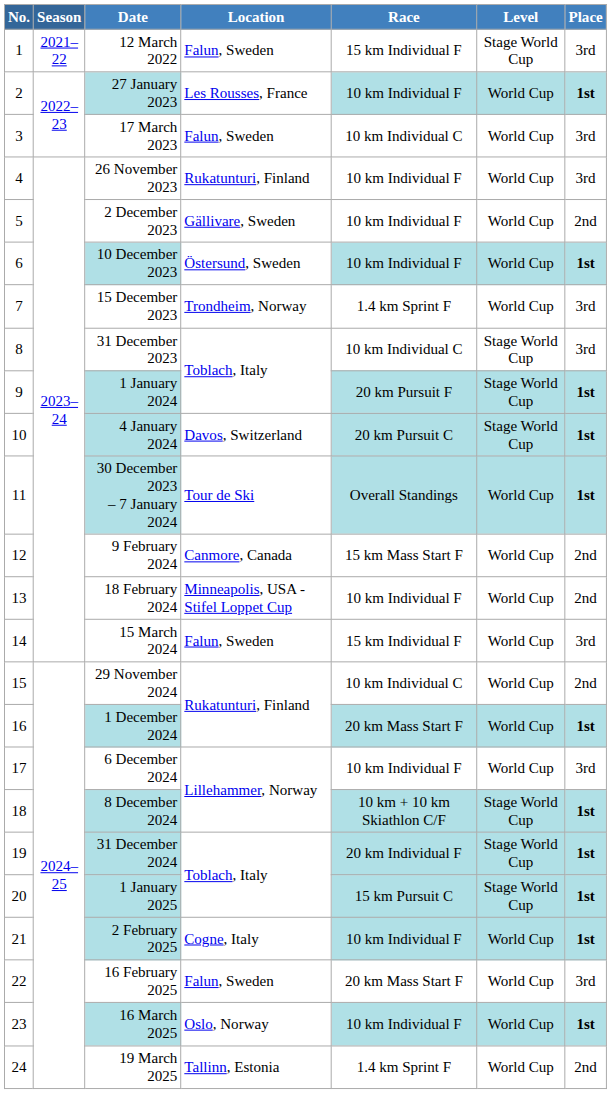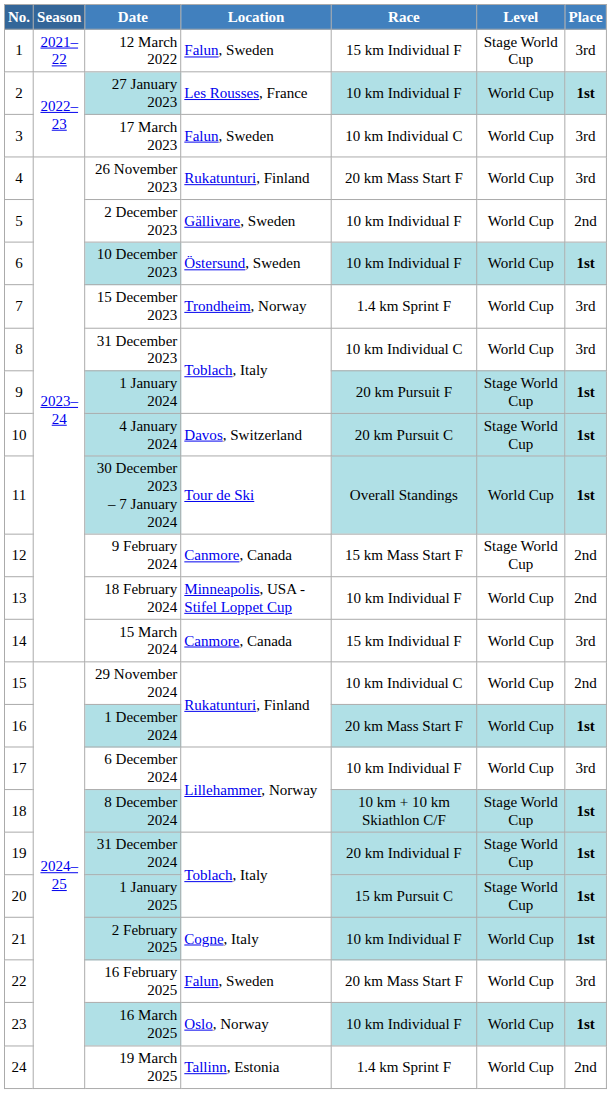 <table class="wikitable sortable" style="font-size:95%; text-align:center; border:grey solid 1px; border-collapse:collapse; background:#ffffff;">
 <tr style="background:#efefef;">
 <th style="background-color:#369; color:white;">No.</th>
 <th style="background-color:#369; color:white;">Season</th>
 <th style="background-color:#4180be; color:white; width:100px;">Date</th>
 <th style="background-color:#4180be; color:white; width:170px;">Location</th>
 <th style="background-color:#4180be; color:white; width:170px;">Race</th>
 <th style="background-color:#4180be; color:white; width:100px;">Level</th>
 <th style="background-color:#4180be; color:white;">Place</th>
 </tr>
 <tr>
 <td align=center>1</td>
 <td rowspan=1 align=center><a href='#'>2021–22</a></td>
 <td align=right>12 March 2022</td>
 <td align=left> <a href='#'>Falun</a>, Sweden</td>
 <td>15 km Individual F</td>
 <td>Stage World Cup</td>
 <td>3rd</td>
 </tr>
 <tr>
 <td align=center>2</td>
 <td rowspan=2 align=center><a href='#'>2022–23</a></td>
 <td bgcolor="#BOEOE6" align=right>27 January 2023</td>
 <td align=left> <a href='#'>Les Rousses</a>, France</td>
 <td bgcolor="#BOEOE6">10 km Individual F</td>
 <td bgcolor="#BOEOE6">World Cup</td>
 <td bgcolor="#BOEOE6"><strong>1st</strong></td>
 </tr>
 <tr>
 <td align=center>3</td>
 <td align=right>17 March 2023</td>
 <td align=left> <a href='#'>Falun</a>, Sweden</td>
 <td>10 km Individual C</td>
 <td>World Cup</td>
 <td>3rd</td>
 </tr>
 <tr>
 <td align=center>4</td>
 <td rowspan=11 align=center><a href='#'>2023–24</a></td>
 <td align=right>26 November 2023</td>
 <td align=left> <a href='#'>Rukatunturi</a>, Finland</td>
-<td>10 km Individual F</td>
+<td>20 km Mass Start F</td>
 <td>World Cup</td>
 <td>3rd</td>
 </tr>
 <tr>
 <td align=center>5</td>
 <td align=right>2 December 2023</td>
 <td align=left> <a href='#'>Gällivare</a>, Sweden</td>
 <td>10 km Individual F</td>
 <td>World Cup</td>
 <td>2nd</td>
 </tr>
 <tr>
 <td align=center>6</td>
 <td bgcolor="#BOEOE6" align=right>10 December 2023</td>
 <td align=left> <a href='#'>Östersund</a>, Sweden</td>
 <td bgcolor="#BOEOE6">10 km Individual F</td>
 <td bgcolor="#BOEOE6">World Cup</td>
 <td bgcolor="#BOEOE6"><strong>1st</strong></td>
 </tr>
 <tr>
 <td align=center>7</td>
 <td align=right>15 December 2023</td>
 <td align=left> <a href='#'>Trondheim</a>, Norway</td>
 <td>1.4 km Sprint F</td>
 <td>World Cup</td>
 <td>3rd</td>
 </tr>
 <tr>
 <td align=center>8</td>
 <td align=right>31 December 2023</td>
 <td rowspan=2 align=left> <a href='#'>Toblach</a>, Italy</td>
 <td>10 km Individual C</td>
-<td>Stage World Cup</td>
+<td>World Cup</td>
 <td>3rd</td>
 </tr>
 <tr>
 <td align=center>9</td>
 <td bgcolor="#BOEOE6" align=right>1 January 2024</td>
 <td bgcolor="#BOEOE6">20 km Pursuit F</td>
 <td bgcolor="#BOEOE6">Stage World Cup</td>
 <td bgcolor="#BOEOE6"><strong>1st</strong></td>
 </tr>
 <tr>
 <td align=center>10</td>
 <td bgcolor="#BOEOE6" align=right>4 January 2024</td>
 <td align=left> <a href='#'>Davos</a>, Switzerland</td>
 <td bgcolor="#BOEOE6">20 km Pursuit C</td>
 <td bgcolor="#BOEOE6">Stage World Cup</td>
 <td bgcolor="#BOEOE6"><strong>1st</strong></td>
 </tr>
 <tr>
 <td align=center>11</td>
 <td bgcolor="#BOEOE6" align=right>30 December 2023<br>– 7 January 2024</td>
 <td align=left> <a href='#'>Tour de Ski</a></td>
 <td bgcolor="#BOEOE6">Overall Standings</td>
 <td bgcolor="#BOEOE6">World Cup</td>
 <td bgcolor="#BOEOE6"><strong>1st</strong></td>
 </tr>
 <tr>
 <td align=center>12</td>
 <td align=right>9 February 2024</td>
 <td align=left> <a href='#'>Canmore</a>, Canada</td>
 <td>15 km Mass Start F</td>
-<td>World Cup</td>
+<td>Stage World Cup</td>
 <td>2nd</td>
 </tr>
 <tr>
 <td align=center>13</td>
 <td align=right>18 February 2024</td>
 <td align=left> <a href='#'>Minneapolis</a>, USA - <a href='#'>Stifel Loppet Cup</a></td>
 <td>10 km Individual F</td>
 <td>World Cup</td>
 <td>2nd</td>
 </tr>
 <tr>
 <td align=center>14</td>
 <td align=right>15 March 2024</td>
-<td rowspan=1 align=left> <a href='#'>Falun</a>, Sweden</td>
+<td align=left> <a href='#'>Canmore</a>, Canada</td>
 <td>15 km Individual F</td>
 <td>World Cup</td>
 <td>3rd</td>
 </tr>
 <tr>
 <td align=center>15</td>
 <td rowspan=10 align=center><a href='#'>2024–25</a></td>
 <td align=right>29 November 2024</td>
 <td rowspan=2 align=left> <a href='#'>Rukatunturi</a>, Finland</td>
 <td>10 km Individual C</td>
 <td>World Cup</td>
 <td>2nd</td>
 </tr>
 <tr>
 <td align=center>16</td>
 <td bgcolor="#BOEOE6" align=right>1 December 2024</td>
 <td bgcolor="#BOEOE6">20 km Mass Start F</td>
 <td bgcolor="#BOEOE6">World Cup</td>
 <td bgcolor="#BOEOE6"><strong>1st</strong></td>
 </tr>
 <tr>
 <td align=center>17</td>
 <td align=right>6 December 2024</td>
 <td rowspan=2 align=left> <a href='#'>Lillehammer</a>, Norway</td>
 <td>10 km Individual F</td>
 <td>World Cup</td>
 <td>3rd</td>
 </tr>
 <tr>
 <td align=center>18</td>
 <td bgcolor="#BOEOE6" align=right>8 December 2024</td>
 <td bgcolor="#BOEOE6">10 km + 10 km Skiathlon C/F</td>
 <td bgcolor="#BOEOE6">Stage World Cup</td>
 <td bgcolor="#BOEOE6"><strong>1st</strong></td>
 </tr>
 <tr>
 <td align=center>19</td>
 <td bgcolor="#BOEOE6" align=right>31 December 2024</td>
 <td rowspan=2 align=left> <a href='#'>Toblach</a>, Italy</td>
 <td bgcolor="#BOEOE6">20 km Individual F</td>
 <td bgcolor="#BOEOE6">Stage World Cup</td>
 <td bgcolor="#BOEOE6"><strong>1st</strong></td>
 </tr>
 <tr>
 <td align=center>20</td>
 <td bgcolor="#BOEOE6" align=right>1 January 2025</td>
 <td bgcolor="#BOEOE6">15 km Pursuit C</td>
 <td bgcolor="#BOEOE6">Stage World Cup</td>
 <td bgcolor="#BOEOE6"><strong>1st</strong></td>
 </tr>
 <tr>
 <td align=center>21</td>
 <td bgcolor="#BOEOE6" align=right>2 February 2025</td>
 <td align=left> <a href='#'>Cogne</a>, Italy</td>
 <td bgcolor="#BOEOE6">10 km Individual F</td>
 <td bgcolor="#BOEOE6">World Cup</td>
 <td bgcolor="#BOEOE6"><strong>1st</strong></td>
 </tr>
 <tr>
 <td align=center>22</td>
 <td align=right>16 February 2025</td>
 <td align=left> <a href='#'>Falun</a>, Sweden</td>
 <td>20 km Mass Start F</td>
 <td>World Cup</td>
 <td>3rd</td>
 </tr>
 <tr>
 <td align=center>23</td>
 <td bgcolor="#BOEOE6" align=right>16 March 2025</td>
 <td align=left> <a href='#'>Oslo</a>, Norway</td>
 <td bgcolor="#BOEOE6">10 km Individual F</td>
 <td bgcolor="#BOEOE6">World Cup</td>
 <td bgcolor="#BOEOE6"><strong>1st</strong></td>
 </tr>
 <tr>
 <td align=center>24</td>
 <td align=right>19 March 2025</td>
 <td align=left> <a href='#'>Tallinn</a>, Estonia</td>
 <td>1.4 km Sprint F</td>
 <td>World Cup</td>
 <td>2nd</td>
 </tr>
 </table>
